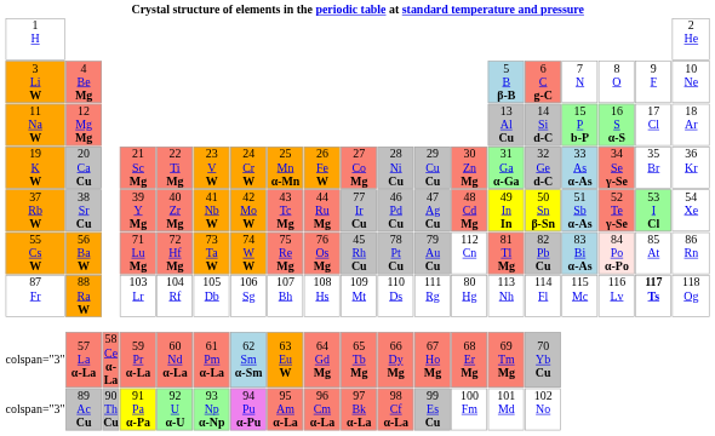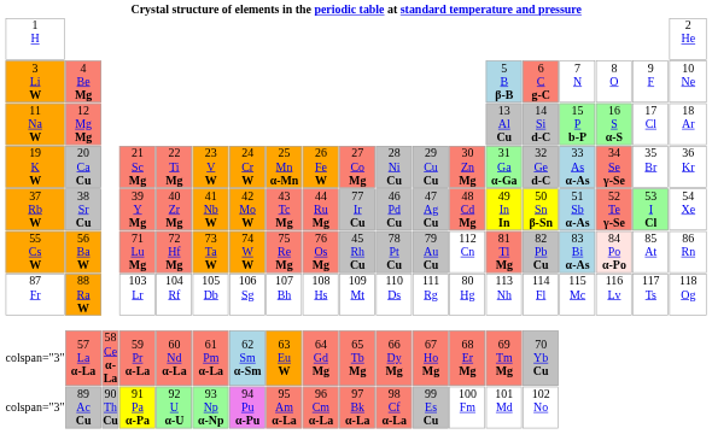 <table border="0" cellpadding="0" cellspacing="1" style="text-align:center; background:">
 <tr>
 <th colspan=20 style="background:">Crystal structure of elements in the <a href='#'>periodic table</a> at <a href='#'>standard temperature and pressure</a></th>
 </tr>
 <tr style="background:">
 </tr>
 <tr>
 <td style="width:3em; border:1px solid #aaaaaa;  background-color:white;">1<br><a href='#'>H</a><br> </td>
 <td style="width:3em;"></td>
 <td style="width:0.5em;"></td>
 <td style="width:3em;"></td>
 <td style="width:3em;"></td>
 <td style="width:3em;"></td>
 <td style="width:3em;"></td>
 <td style="width:3em;"></td>
 <td style="width:3em;"></td>
 <td style="width:3em;"></td>
 <td style="width:3em;"></td>
 <td style="width:3em;"></td>
 <td style="width:3em;"></td>
 <td style="width:3em;"></td>
 <td style="width:3em;"></td>
 <td style="width:3em;"></td>
 <td style="width:3em;"></td>
 <td style="width:3em;"></td>
 <td style="width:3em; border:1px solid #aaaaaa; background-color:white;">2<br><a href='#'>He</a><br> </td>
 </tr>
 <tr>
 <td style="border:1px solid #aaaaaa; background-color:orange;">3<br> <a href='#'>Li</a><br> <strong>W</strong></td>
 <td style="border:1px solid #aaaaaa; background-color:salmon;">4<br> <a href='#'>Be</a><br> <strong>Mg</strong></td>
 <td colspan=11></td>
 <td style="border:1px solid #aaaaaa; background-color:lightblue;">5<br> <a href='#'>B</a><br><strong>β-B</strong></td>
 <td style="border:1px solid #aaaaaa; background-color:salmon;">6<br> <a href='#'>C</a><br><strong>g-C</strong></td>
 <td style="border:1px solid #aaaaaa; background-color:white;">7<br> <a href='#'>N</a><br> </td>
 <td style="border:1px solid #aaaaaa; background-color:white;">8<br> <a href='#'>O</a><br> </td>
 <td style="border:1px solid #aaaaaa; background-color:white;">9<br> <a href='#'>F</a><br> </td>
 <td style="border:1px solid #aaaaaa; background-color:white;">10<br> <a href='#'>Ne</a><br> </td>
 </tr>
 <tr>
 <td style="border:1px solid #aaaaaa; background-color:orange;">11<br> <a href='#'>Na</a><br> <strong>W</strong></td>
 <td style="border:1px solid #aaaaaa; background-color:salmon;">12<br> <a href='#'>Mg</a><br> <strong>Mg</strong></td>
 <td colspan=11></td>
 <td style="border:1px solid #aaaaaa; background-color:silver;">13<br> <a href='#'>Al</a> <br> <strong>Cu</strong></td>
 <td style="border:1px solid #aaaaaa; background-color:silver;">14<br> <a href='#'>Si</a> <br><strong>d-C</strong></td>
 <td style="border:1px solid #aaaaaa; background-color:palegreen;">15<br> <a href='#'>P</a> <br><strong>b-P</strong></td>
 <td style="border:1px solid #aaaaaa; background-color:palegreen;">16<br> <a href='#'>S</a> <br><strong>α-S</strong></td>
 <td style="border:1px solid #aaaaaa; background-color:white;">17<br> <a href='#'>Cl</a> <br> </td>
 <td style="border:1px solid #aaaaaa; background-color:white;">18<br> <a href='#'>Ar</a> <br> </td>
 </tr>
 <tr>
 <td style="border:1px solid #aaaaaa; background-color:orange;">19<br><a href='#'>K</a><br><strong>W</strong></td>
 <td style="border:1px solid #aaaaaa; background-color:silver;">20<br> <a href='#'>Ca</a> <br> <strong>Cu</strong></td>
 <td></td>
 <td style="border:1px solid #aaaaaa; background-color:salmon;">21<br><a href='#'>Sc</a><br> <strong>Mg</strong></td>
 <td style="border:1px solid #aaaaaa; background-color:salmon;">22<br><a href='#'>Ti</a> <br><strong>Mg</strong></td>
 <td style="border:1px solid #aaaaaa; background-color:orange;">23<br> <a href='#'>V</a><br> <strong>W</strong></td>
 <td style="border:1px solid #aaaaaa; background-color:orange;">24<br><a href='#'>Cr</a> <br><strong>W</strong></td>
 <td style="border:1px solid #aaaaaa; background-color:orange;">25<br> <a href='#'>Mn</a><br><strong>α-Mn</strong></td>
 <td style="border:1px solid #aaaaaa; background-color:orange;">26<br><a href='#'>Fe</a> <br><strong>W</strong></td>
 <td style="border:1px solid #aaaaaa; background-color:salmon;">27<br> <a href='#'>Co</a> <br><strong>Mg</strong></td>
 <td style="border:1px solid #aaaaaa; background-color:silver;">28<br> <a href='#'>Ni</a> <br> <strong>Cu</strong></td>
 <td style="border:1px solid #aaaaaa; background-color:silver">29<br><a href='#'>Cu</a> <br> <strong>Cu</strong></td>
 <td style="border:1px solid #aaaaaa; background-color:salmon">30<br> <a href='#'>Zn</a> <br><strong>Mg</strong></td>
 <td style="border:1px solid #aaaaaa; background-color:palegreen;">31<br><a href='#'>Ga</a> <br><strong>α-Ga</strong></td>
 <td style="border:1px solid #aaaaaa; background-color:silver">32<br> <a href='#'>Ge</a> <br><strong>d-C</strong></td>
 <td style="border:1px solid #aaaaaa; background-color:lightblue;">33<br><a href='#'>As</a> <br><strong>α-As</strong></td>
 <td style="border:1px solid #aaaaaa; background-color:salmon;">34<br><a href='#'>Se</a> <br><strong>γ-Se</strong></td>
 <td style="border:1px solid #aaaaaa; background-color:white;">35<br><a href='#'>Br</a> <br> </td>
 <td style="border:1px solid #aaaaaa; background-color:white;">36<br> <a href='#'>Kr</a> <br> </td>
 </tr>
 <tr>
 <td style="border:1px solid #aaaaaa; background-color:orange;">37<br> <a href='#'>Rb</a> <br><strong>W</strong></td>
 <td style="border:1px solid #aaaaaa; background-color:silver;">38<br> <a href='#'>Sr</a> <br> <strong>Cu</strong></td>
 <td></td>
 <td style="border:1px solid #aaaaaa; background-color:salmon;">39<br> <a href='#'>Y</a> <br><strong>Mg</strong></td>
 <td style="border:1px solid #aaaaaa; background-color:salmon;">40<br><a href='#'>Zr</a> <br><strong>Mg</strong></td>
 <td style="border:1px solid #aaaaaa; background-color:orange;">41<br><a href='#'>Nb</a> <br><strong>W</strong></td>
 <td style="border:1px solid #aaaaaa; background-color:orange;">42<br> <a href='#'>Mo</a> <br><strong>W</strong></td>
 <td style="border:1px solid #aaaaaa; background-color:salmon;">43<br> <a href='#'>Tc</a> <br><strong>Mg</strong></td>
 <td style="border:1px solid #aaaaaa; background-color:salmon;">44<br> <a href='#'>Ru</a> <br><strong>Mg</strong></td>
 <td style="border:1px solid #aaaaaa; background-color:silver;">77<br> <a href='#'>Ir</a><br><strong>Cu</strong></td>
 <td style="border:1px solid #aaaaaa; background-color:silver;">46<br> <a href='#'>Pd</a> <br> <strong>Cu</strong></td>
 <td style="border:1px solid #aaaaaa; background-color:silver;">47<br> <a href='#'>Ag</a> <br><strong>Cu</strong></td>
 <td style="border:1px solid #aaaaaa; background-color:salmon;">48<br> <a href='#'>Cd</a> <br><strong>Mg</strong></td>
 <td style="border:1px solid #aaaaaa; background-color:yellow;">49<br> <a href='#'>In</a> <br><strong>In</strong></td>
 <td style="border:1px solid #aaaaaa; background-color:yellow;">50<br> <a href='#'>Sn</a> <br><strong>β-Sn</strong></td>
 <td style="border:1px solid #aaaaaa; background-color:lightblue;">51<br> <a href='#'>Sb</a> <br><strong>α-As</strong></td>
 <td style="border:1px solid #aaaaaa; background-color:salmon;">52<br><a href='#'>Te</a> <br><strong>γ-Se</strong></td>
 <td style="border:1px solid #aaaaaa; background-color:palegreen;">53<br><a href='#'>I</a> <br><strong>Cl</strong></td>
 <td style="border:1px solid #aaaaaa; background-color:white;">54<br> <a href='#'>Xe</a> <br> </td>
 </tr>
 <tr>
 <td style="border:1px solid #aaaaaa; background-color:orange;">55<br> <a href='#'>Cs</a><br> <strong>W</strong></td>
 <td style="border:1px solid #aaaaaa; background-color:orange;">56<br> <a href='#'>Ba</a><br> <strong>W</strong></td>
 <td></td>
 <td style="border:1px solid #aaaaaa; background-color:salmon;">71<br><a href='#'>Lu</a><br> <strong>Mg</strong></td>
 <td style="border:1px solid #aaaaaa; background-color:salmon;">72<br> <a href='#'>Hf</a> <br><strong>Mg</strong></td>
 <td style="border:1px solid #aaaaaa; background-color:orange;">73<br> <a href='#'>Ta</a> <br><strong>W</strong></td>
 <td style="border:1px solid #aaaaaa; background-color:orange;">74<br> <a href='#'>W</a> <br><strong>W</strong></td>
 <td style="border:1px solid #aaaaaa; background-color:salmon;">75<br> <a href='#'>Re</a> <br><strong>Mg</strong></td>
 <td style="border:1px solid #aaaaaa; background-color:salmon;">76<br> <a href='#'>Os</a> <br><strong>Mg</strong></td>
 <td style="border:1px solid #aaaaaa; background-color:silver;">45<br> <a href='#'>Rh</a> <br> <strong>Cu</strong></td>
 <td style="border:1px solid #aaaaaa; background-color:silver;">78<br> <a href='#'>Pt</a> <br><strong>Cu</strong></td>
 <td style="border:1px solid #aaaaaa; background-color:silver;">79<br> <a href='#'>Au</a> <br><strong>Cu</strong></td>
 <td style="border:1px solid #aaaaaa; background-color:white;">112<br> <a href='#'>Cn</a><br> </td>
 <td style="border:1px solid #aaaaaa; background-color:salmon;">81<br> <a href='#'>Tl</a> <br><strong>Mg</strong></td>
 <td style="border:1px solid #aaaaaa; background-color:silver;">82<br> <a href='#'>Pb</a> <br><strong>Cu</strong></td>
 <td style="border:1px solid #aaaaaa; background-color:lightblue;">83<br> <a href='#'>Bi</a> <br><strong>α-As</strong></td>
 <td style="border:1px solid #aaaaaa; background-color:mistyrose;">84<br> <a href='#'>Po</a> <br><strong>α-Po</strong></td>
 <td style="border:1px solid #aaaaaa; background-color:white;">85<br> <a href='#'>At</a> <br> </td>
 <td style="border:1px solid #aaaaaa; background-color:white;">86<br> <a href='#'>Rn</a> <br> </td>
 </tr>
 <tr>
 <td style="border:1px solid #aaaaaa; background-color:white;">87<br><a href='#'>Fr</a><br> </td>
 <td style="border:1px solid #aaaaaa; background-color:orange;">88<br> <a href='#'>Ra</a><br><strong>W</strong></td>
 <td></td>
 <td style="border:1px solid #aaaaaa; background-color:white;">103<br><a href='#'>Lr</a><br> </td>
 <td style="border:1px solid #aaaaaa; background-color:white;">104<br> <a href='#'>Rf</a><br> </td>
 <td style="border:1px solid #aaaaaa; background-color:white;">105<br> <a href='#'>Db</a><br> </td>
 <td style="border:1px solid #aaaaaa; background-color:white;">106<br> <a href='#'>Sg</a><br> </td>
 <td style="border:1px solid #aaaaaa; background-color:white;">107<br> <a href='#'>Bh</a><br> </td>
 <td style="border:1px solid #aaaaaa; background-color:white;">108<br> <a href='#'>Hs</a><br> </td>
 <td style="border:1px solid #aaaaaa; background-color:white;">109<br> <a href='#'>Mt</a><br> </td>
 <td style="border:1px solid #aaaaaa; background-color:white;">110<br> <a href='#'>Ds</a><br> </td>
 <td style="border:1px solid #aaaaaa; background-color:white;">111<br> <a href='#'>Rg</a><br> </td>
 <td style="border:1px solid #aaaaaa; background-color:white;">80<br> <a href='#'>Hg</a> <br> </td>
 <td style="border:1px solid #aaaaaa; background-color:white;">113<br> <a href='#'>Nh</a><br> </td>
 <td style="border:1px solid #aaaaaa; background-color:white;">114<br> <a href='#'>Fl</a><br> </td>
 <td style="border:1px solid #aaaaaa; background-color:white;">115<br> <a href='#'>Mc</a><br> </td>
 <td style="border:1px solid #aaaaaa; background-color:white;">116<br> <a href='#'>Lv</a><br> </td>
-<td style="border:1px solid #aaaaaa; background-color:white;"><strong>117<br> <a href='#'>Ts</a><br> </strong></td>
+<td style="border:1px solid #aaaaaa; background-color:white;">117<br> <a href='#'>Ts</a><br> </td>
 <td style="border:1px solid #aaaaaa; background-color:white;">118<br> <a href='#'>Og</a><br> </td>
 </tr>
 <tr>
 <td><br></td>
 </tr>
 <tr>
 <td>colspan="3" </td>
 <td style="border:1px solid #aaaaaa; background-color:salmon;">57<br><a href='#'>La</a><br> <strong>α-La</strong></td>
 <td style="border:1px solid #aaaaaa; background-color:salmon;">58<br><a href='#'>Ce</a><br><strong>α-La</strong></td>
 <td style="border:1px solid #aaaaaa; background-color:salmon;">59<br><a href='#'>Pr</a><br> <strong>α-La</strong></td>
 <td style="border:1px solid #aaaaaa; background-color:salmon;">60<br><a href='#'>Nd</a> <br> <strong>α-La</strong></td>
 <td style="border:1px solid #aaaaaa; background-color:salmon;">61<br><a href='#'>Pm</a><br> <strong>α-La</strong></td>
 <td style="border:1px solid #aaaaaa; background-color:lightblue;">62<br><a href='#'>Sm</a><br><strong>α-Sm</strong></td>
 <td style="border:1px solid #aaaaaa; background-color:orange;">63<br><a href='#'>Eu</a><br><strong>W</strong></td>
 <td style="border:1px solid #aaaaaa; background-color:salmon;">64<br><a href='#'>Gd</a><br> <strong>Mg</strong></td>
 <td style="border:1px solid #aaaaaa; background-color:salmon;">65<br><a href='#'>Tb</a><br> <strong>Mg</strong></td>
 <td style="border:1px solid #aaaaaa; background-color:salmon;">66<br><a href='#'>Dy</a><br> <strong>Mg</strong></td>
 <td style="border:1px solid #aaaaaa; background-color:salmon;">67<br><a href='#'>Ho</a><br> <strong>Mg</strong></td>
 <td style="border:1px solid #aaaaaa; background-color:salmon;">68<br><a href='#'>Er</a><br> <strong>Mg</strong></td>
 <td style="border:1px solid #aaaaaa; background-color:salmon;">69<br><a href='#'>Tm</a><br> <strong>Mg</strong></td>
 <td style="border:1px solid #aaaaaa; background-color:silver;">70<br><a href='#'>Yb</a><br><strong>Cu</strong></td>
 </tr>
 <tr>
 <td>colspan="3" </td>
 <td style="border:1px solid #aaaaaa; background-color:silver;">89<br><a href='#'>Ac</a><br> <strong>Cu</strong></td>
 <td style="border:1px solid #aaaaaa; background-color:silver;">90<br><a href='#'>Th</a><br><strong>Cu</strong></td>
 <td style="border:1px solid #aaaaaa; background-color:yellow;">91<br><a href='#'>Pa</a><br><strong>α-Pa</strong></td>
 <td style="border:1px solid #aaaaaa; background-color:palegreen;">92<br><a href='#'>U</a><br><strong>α-U</strong></td>
 <td style="border:1px solid #aaaaaa; background-color:palegreen;">93<br><a href='#'>Np</a><br><strong>α-Np</strong></td>
 <td style="border:1px solid #aaaaaa; background-color:violet;">94<br><a href='#'>Pu</a><br><strong>α-Pu</strong></td>
 <td style="border:1px solid #aaaaaa; background-color:salmon;">95<br><a href='#'>Am</a><br> <strong>α-La</strong></td>
 <td style="border:1px solid #aaaaaa; background-color:salmon;">96<br><a href='#'>Cm</a><br> <strong>α-La</strong></td>
 <td style="border:1px solid #aaaaaa; background-color:salmon;">97<br><a href='#'>Bk</a><br> <strong>α-La</strong></td>
 <td style="border:1px solid #aaaaaa; background-color:salmon;">98<br><a href='#'>Cf</a><br> <strong>α-La</strong></td>
 <td style="border:1px solid #aaaaaa; background-color:silver;">99<br><a href='#'>Es</a><br> <strong>Cu</strong></td>
 <td style="border:1px solid #aaaaaa; background-color:white;">100<br><a href='#'>Fm</a><br> </td>
 <td style="border:1px solid #aaaaaa; background-color:white;">101<br><a href='#'>Md</a><br> </td>
 <td style="border:1px solid #aaaaaa; background-color:white;">102<br><a href='#'>No</a><br> </td>
 </tr>
 </table>
